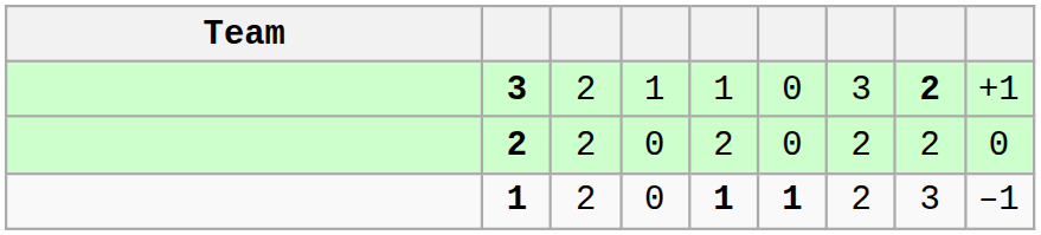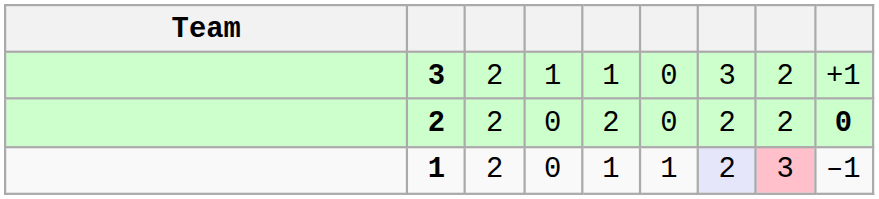 <table class="wikitable" style="text-align:center">
 <tr>
 <th width="175">Team</th>
 <th width="20"></th>
 <th width="20"></th>
 <th width="20"></th>
 <th width="20"></th>
 <th width="20"></th>
 <th width="20"></th>
 <th width="20"></th>
 <th width="20"></th>
 </tr>
 <tr bgcolor=#CCFFCC>
 <td align=left></td>
 <td><strong>3</strong></td>
 <td>2</td>
 <td>1</td>
 <td>1</td>
 <td>0</td>
 <td>3</td>
-<td><strong>2</strong></td>
+<td>2</td>
 <td>+1</td>
 </tr>
 <tr bgcolor=#CCFFCC>
 <td align=left></td>
 <td><strong>2</strong></td>
 <td>2</td>
 <td>0</td>
 <td>2</td>
 <td>0</td>
 <td>2</td>
 <td>2</td>
-<td>0</td>
+<td><strong>0</strong></td>
 </tr>
 <tr>
 <td align=left></td>
 <td><strong>1</strong></td>
 <td>2</td>
 <td>0</td>
-<td><strong>1</strong></td>
-<td><strong>1</strong></td>
-<td>2</td>
-<td>3</td>
+<td>1</td>
+<td>1</td>
+<td style="background: lavender;">2</td>
+<td style="background: pink;">3</td>
 <td>–1</td>
 </tr>
 </table>
